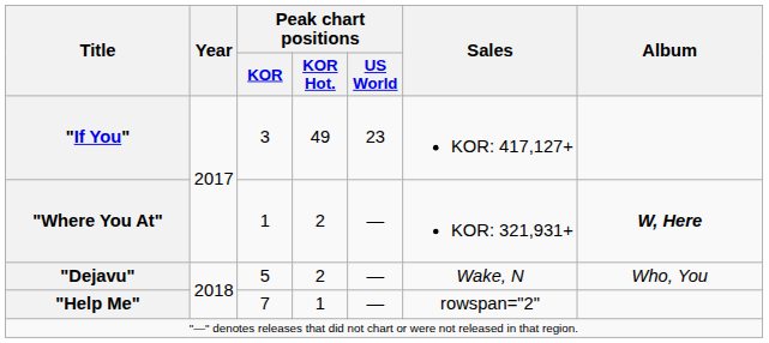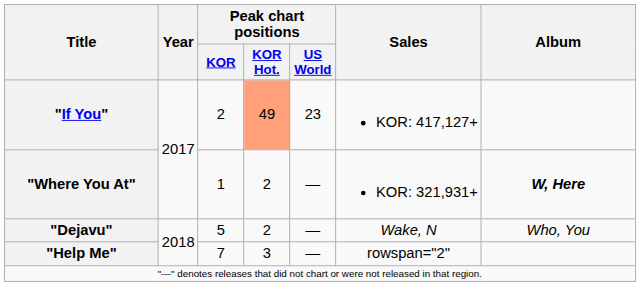 <table class="wikitable plainrowheaders" style="text-align:center;">
 <tr>
 <th scope="col" rowspan="2" style="width:10em;">Title</th>
 <th scope="col" rowspan="2">Year</th>
 <th scope="col" colspan="3">Peak chart positions</th>
 <th scope="col" rowspan="2">Sales</th>
 <th scope="col" rowspan="2" style="width:10em;">Album</th>
 </tr>
 <tr>
 <th scope="col" style="width:3em;font-size:90%;"><a href='#'>KOR</a><br></th>
 <th scope="col" style="width:3em;font-size:90%;"><a href='#'>KOR<br>Hot.</a><br></th>
 <th scope="col" style="width:3em;font-size:90%;"><a href='#'>US<br>World</a><br></th>
 </tr>
 <tr>
 <th scope="row">"<a href='#'>If You</a>" </th>
 <td rowspan="2">2017</td>
-<td>3</td>
-<td>49</td>
+<td>2</td>
+<td style="background: lightsalmon;">49</td>
 <td>23</td>
 <td><br><ul><li>KOR: 417,127+</li></ul></td>
 <td></td>
 </tr>
 <tr>
 <th scope="row">"Where You At"</th>
 <td>1</td>
 <td>2</td>
 <td>—</td>
 <td><br><ul><li>KOR: 321,931+</li></ul></td>
 <td><strong><em>W, Here</em></strong></td>
 </tr>
 <tr>
 <th scope="row">"Dejavu"</th>
 <td rowspan="2">2018</td>
 <td>5</td>
 <td>2</td>
 <td>—</td>
 <td><em>Wake, N</em></td>
 <td><em>Who, You</em></td>
 </tr>
 <tr>
 <th scope="row">"Help Me"</th>
 <td>7</td>
-<td>1</td>
+<td>3</td>
 <td>—</td>
 <td>rowspan="2" </td>
 </tr>
 <tr>
 <td colspan="9" style="font-size:8pt">"—" denotes releases that did not chart or were not released in that region.</td>
 </tr>
 </table>
